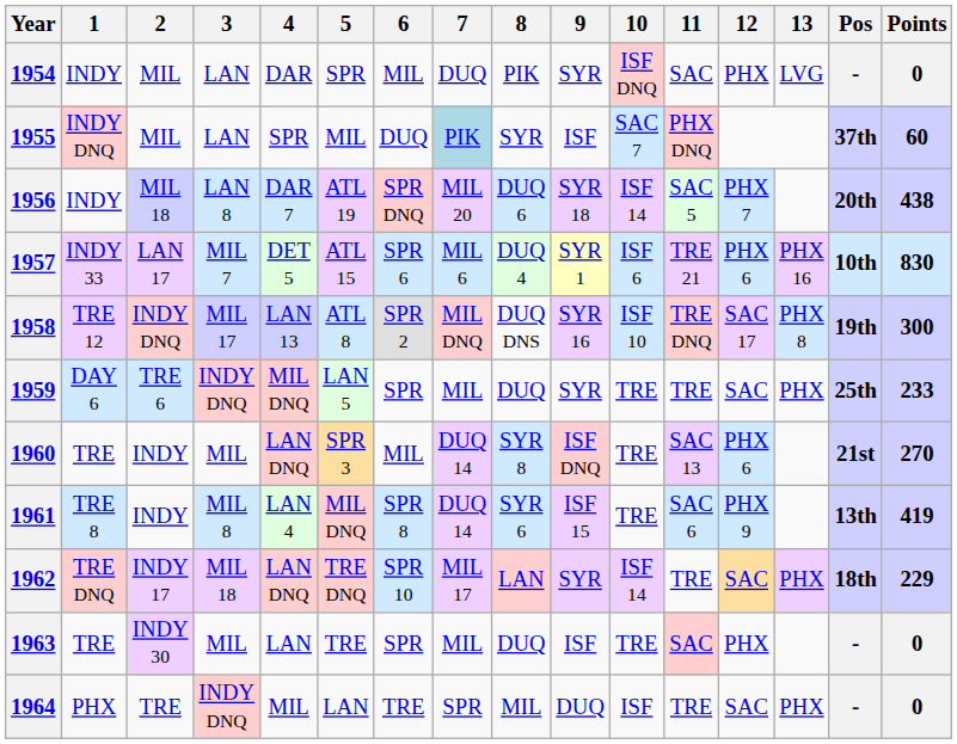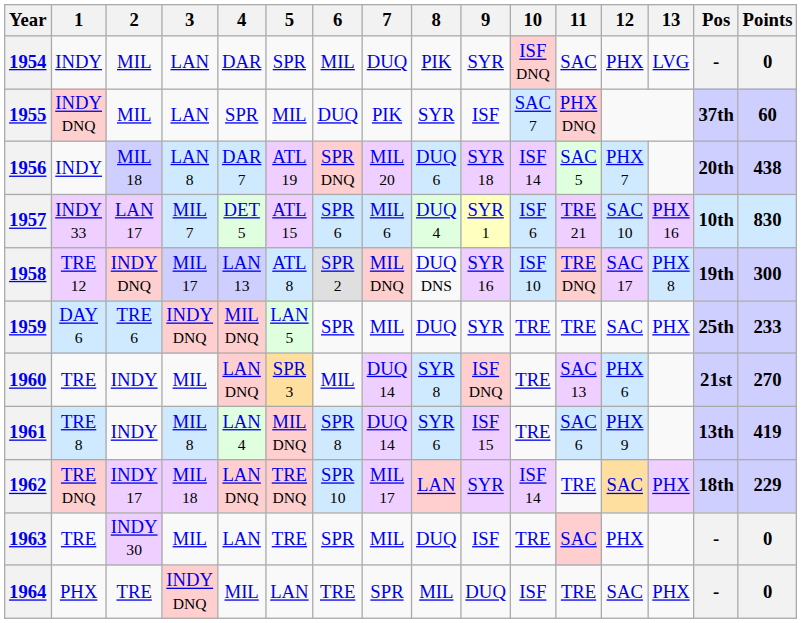 <table class="wikitable" style="text-align:center; font-size:90%">
 <tr>
 <th>Year</th>
 <th>1</th>
 <th>2</th>
 <th>3</th>
 <th>4</th>
 <th>5</th>
 <th>6</th>
 <th>7</th>
 <th>8</th>
 <th>9</th>
 <th>10</th>
 <th>11</th>
 <th>12</th>
 <th>13</th>
 <th>Pos</th>
 <th>Points</th>
 </tr>
 <tr>
 <th rowspan=1><a href='#'>1954</a></th>
 <td><a href='#'>INDY</a><br><small> </small></td>
 <td><a href='#'>MIL</a><br><small> </small></td>
 <td><a href='#'>LAN</a></td>
 <td><a href='#'>DAR</a><br><small> </small></td>
 <td><a href='#'>SPR</a><br><small> </small></td>
 <td><a href='#'>MIL</a><br><small> </small></td>
 <td><a href='#'>DUQ</a><br><small> </small></td>
 <td><a href='#'>PIK</a><br><small> </small></td>
 <td><a href='#'>SYR</a><br><small> </small></td>
 <td style="background:#FFCFCF;"><a href='#'>ISF</a><br><small>DNQ</small></td>
 <td><a href='#'>SAC</a><br><small> </small></td>
 <td><a href='#'>PHX</a><br><small> </small></td>
 <td><a href='#'>LVG</a><br><small> </small></td>
 <th>-</th>
 <th>0</th>
 </tr>
 <tr>
 <th rowspan=1><a href='#'>1955</a></th>
 <td style="background:#FFCFCF;"><a href='#'>INDY</a><br><small>DNQ</small></td>
 <td><a href='#'>MIL</a></td>
 <td><a href='#'>LAN</a></td>
 <td><a href='#'>SPR</a></td>
 <td><a href='#'>MIL</a><br><small> </small></td>
 <td><a href='#'>DUQ</a><br><small> </small></td>
-<td style="background: lightblue;"><a href='#'>PIK</a><br><small> </small></td>
+<td><a href='#'>PIK</a><br><small> </small></td>
 <td><a href='#'>SYR</a></td>
 <td><a href='#'>ISF</a></td>
 <td style="background:#CFEAFF;"><a href='#'>SAC</a><br><small>7</small></td>
 <td style="background:#FFCFCF;"><a href='#'>PHX</a><br><small>DNQ</small></td>
 <td colspan=2></td>
 <th style="background:#CFCFFF;">37th</th>
 <th style="background:#CFCFFF;">60</th>
 </tr>
 <tr>
 <th rowspan=1><a href='#'>1956</a></th>
 <td><a href='#'>INDY</a><br><small> </small></td>
 <td style="background:#CFCFFF;"><a href='#'>MIL</a><br><small>18</small></td>
 <td style="background:#CFEAFF;"><a href='#'>LAN</a><br><small>8</small></td>
 <td style="background:#CFEAFF;"><a href='#'>DAR</a><br><small>7</small></td>
 <td style="background:#EFCFFF;"><a href='#'>ATL</a><br><small>19</small></td>
 <td style="background:#FFCFCF;"><a href='#'>SPR</a><br><small>DNQ</small></td>
 <td style="background:#EFCFFF;"><a href='#'>MIL</a><br><small>20</small></td>
 <td style="background:#CFEAFF;"><a href='#'>DUQ</a><br><small>6</small></td>
 <td style="background:#EFCFFF;"><a href='#'>SYR</a><br><small>18</small></td>
 <td style="background:#EFCFFF;"><a href='#'>ISF</a><br><small>14</small></td>
 <td style="background:#DFFFDF;"><a href='#'>SAC</a><br><small>5</small></td>
 <td style="background:#CFEAFF;"><a href='#'>PHX</a><br><small>7</small></td>
 <td colspan=1></td>
 <th style="background:#CFCFFF;">20th</th>
 <th style="background:#CFCFFF;">438</th>
 </tr>
 <tr>
 <th rowspan=1><a href='#'>1957</a></th>
 <td style="background:#EFCFFF;"><a href='#'>INDY</a><br><small>33</small></td>
 <td style="background:#EFCFFF;"><a href='#'>LAN</a><br><small>17</small></td>
 <td style="background:#CFEAFF;"><a href='#'>MIL</a><br><small>7</small></td>
 <td style="background:#DFFFDF;"><a href='#'>DET</a><br><small>5</small></td>
 <td style="background:#EFCFFF;"><a href='#'>ATL</a><br><small>15</small></td>
 <td style="background:#CFEAFF;"><a href='#'>SPR</a><br><small>6</small></td>
 <td style="background:#CFEAFF;"><a href='#'>MIL</a><br><small>6</small></td>
 <td style="background:#DFFFDF;"><a href='#'>DUQ</a><br><small>4</small></td>
 <td style="background:#FFFFBF;"><a href='#'>SYR</a><br><small>1</small></td>
 <td style="background:#CFEAFF;"><a href='#'>ISF</a><br><small>6</small></td>
 <td style="background:#EFCFFF;"><a href='#'>TRE</a><br><small>21</small></td>
-<td style="background:#CFEAFF;"><a href='#'>PHX</a><br><small>6</small></td>
+<td style="background:#CFEAFF;"><a href='#'>SAC</a><br><small>10</small></td>
 <td style="background:#EFCFFF;"><a href='#'>PHX</a><br><small>16</small></td>
 <th style="background:#CFEAFF;">10th</th>
 <th style="background:#CFEAFF;">830</th>
 </tr>
 <tr>
 <th rowspan=1><a href='#'>1958</a></th>
 <td style="background:#EFCFFF;"><a href='#'>TRE</a><br><small>12</small></td>
 <td style="background:#FFCFCF;"><a href='#'>INDY</a><br><small>DNQ</small></td>
 <td style="background:#CFCFFF;"><a href='#'>MIL</a><br><small>17</small></td>
 <td style="background:#CFCFFF;"><a href='#'>LAN</a><br><small>13</small></td>
 <td style="background:#CFEAFF;"><a href='#'>ATL</a><br><small>8</small></td>
 <td style="background:#DFDFDF;"><a href='#'>SPR</a><br><small>2</small></td>
 <td style="background:#FFCFCF;"><a href='#'>MIL</a><br><small>DNQ</small></td>
 <td><a href='#'>DUQ</a><br><small>DNS</small></td>
 <td style="background:#EFCFFF;"><a href='#'>SYR</a><br><small>16</small></td>
 <td style="background:#CFEAFF;"><a href='#'>ISF</a><br><small>10</small></td>
 <td style="background:#FFCFCF;"><a href='#'>TRE</a><br><small>DNQ</small></td>
 <td style="background:#EFCFFF;"><a href='#'>SAC</a><br><small>17</small></td>
 <td style="background:#CFEAFF;"><a href='#'>PHX</a><br><small>8</small></td>
 <th style="background:#CFCFFF;">19th</th>
 <th style="background:#CFCFFF;">300</th>
 </tr>
 <tr>
 <th rowspan=1><a href='#'>1959</a></th>
 <td style="background:#cfeaff;"><a href='#'>DAY</a><br><small>6</small></td>
 <td style="background:#cfeaff;"><a href='#'>TRE</a><br><small>6</small></td>
 <td style="background:#ffcfcf;"><a href='#'>INDY</a><br><small>DNQ</small></td>
 <td style="background:#ffcfcf;"><a href='#'>MIL</a><br><small>DNQ</small></td>
 <td style="background:#dfffdf;"><a href='#'>LAN</a><br><small>5</small></td>
 <td><a href='#'>SPR</a><br><small> </small></td>
 <td><a href='#'>MIL</a><br><small> </small></td>
 <td><a href='#'>DUQ</a><br><small> </small></td>
 <td><a href='#'>SYR</a><br><small> </small></td>
 <td><a href='#'>TRE</a></td>
 <td><a href='#'>TRE</a><br><small> </small></td>
 <td><a href='#'>SAC</a><br><small> </small></td>
 <td><a href='#'>PHX</a><br><small> </small></td>
 <th style="background:#CFCFFF;">25th</th>
 <th style="background:#CFCFFF;">233</th>
 </tr>
 <tr>
 <th><a href='#'>1960</a></th>
 <td><a href='#'>TRE</a></td>
 <td><a href='#'>INDY</a></td>
 <td><a href='#'>MIL</a><br><small> </small></td>
 <td style="background:#FFCFCF;"><a href='#'>LAN</a><br><small>DNQ</small></td>
 <td style="background:#FFDF9F;"><a href='#'>SPR</a><br><small>3</small></td>
 <td><a href='#'>MIL</a><br><small> </small></td>
 <td style="background:#EFCFFF;"><a href='#'>DUQ</a><br><small>14</small></td>
 <td style="background:#CFEAFF;"><a href='#'>SYR</a><br><small>8</small></td>
 <td style="background:#FFCFCF;"><a href='#'>ISF</a><br><small>DNQ</small></td>
 <td><a href='#'>TRE</a><br><small> </small></td>
 <td style="background:#EFCFFF;"><a href='#'>SAC</a><br><small>13</small></td>
 <td style="background:#CFEAFF;"><a href='#'>PHX</a><br><small>6</small></td>
 <td colspan=1></td>
 <th style="background:#CFCFFF;">21st</th>
 <th style="background:#CFCFFF;">270</th>
 </tr>
 <tr>
 <th><a href='#'>1961</a></th>
 <td style="background:#CFEAFF;"><a href='#'>TRE</a><br><small>8</small></td>
 <td><a href='#'>INDY</a><br><small> </small></td>
 <td style="background:#CFEAFF;"><a href='#'>MIL</a><br><small>8</small></td>
 <td style="background:#DFFFDF;"><a href='#'>LAN</a><br><small>4</small></td>
 <td style="background:#FFCFCF;"><a href='#'>MIL</a><br><small>DNQ</small></td>
 <td style="background:#CFEAFF;"><a href='#'>SPR</a><br><small>8</small></td>
 <td style="background:#EFCFFF;"><a href='#'>DUQ</a><br><small>14</small></td>
 <td style="background:#CFEAFF;"><a href='#'>SYR</a><br><small>6</small></td>
 <td style="background:#EFCFFF;"><a href='#'>ISF</a><br><small>15</small></td>
 <td><a href='#'>TRE</a><br><small> </small></td>
 <td style="background:#CFEAFF;"><a href='#'>SAC</a><br><small>6</small></td>
 <td style="background:#CFEAFF;"><a href='#'>PHX</a><br><small>9</small></td>
 <td colspan=1></td>
 <th style="background:#CFCFFF;">13th</th>
 <th style="background:#CFCFFF;">419</th>
 </tr>
 <tr>
 <th><a href='#'>1962</a></th>
 <td style="background:#FFCFCF;"><a href='#'>TRE</a><br><small>DNQ</small></td>
 <td style="background:#EFCFFF;"><a href='#'>INDY</a><br><small>17</small></td>
 <td style="background:#EFCFFF;"><a href='#'>MIL</a><br><small>18</small></td>
 <td style="background:#FFCFCF;"><a href='#'>LAN</a><br><small>DNQ</small></td>
 <td style="background:#FFCFCF;"><a href='#'>TRE</a><br><small>DNQ</small></td>
 <td style="background:#CFEAFF;"><a href='#'>SPR</a><br><small>10</small></td>
 <td style="background:#EFCFFF;"><a href='#'>MIL</a><br><small>17</small></td>
 <td style="background:#FFCFCF;"><a href='#'>LAN</a><br></td>
 <td style="background:#EFCFFF;"><a href='#'>SYR</a><br></td>
 <td style="background:#EFCFFF;"><a href='#'>ISF</a><br><small>14</small></td>
 <td><a href='#'>TRE</a><br></td>
 <td style="background:#FFDF9F;"><a href='#'>SAC</a><br></td>
 <td style="background:#EFCFFF;"><a href='#'>PHX</a><br></td>
 <th style="background:#CFCFFF;">18th</th>
 <th style="background:#CFCFFF;">229</th>
 </tr>
 <tr>
 <th><a href='#'>1963</a></th>
 <td><a href='#'>TRE</a></td>
 <td style="background:#EFCFFF;"><a href='#'>INDY</a><br><small>30</small></td>
 <td><a href='#'>MIL</a><br><small> </small></td>
 <td><a href='#'>LAN</a></td>
 <td><a href='#'>TRE</a></td>
 <td><a href='#'>SPR</a></td>
 <td><a href='#'>MIL</a></td>
 <td><a href='#'>DUQ</a></td>
 <td><a href='#'>ISF</a></td>
 <td><a href='#'>TRE</a></td>
 <td style="background:#FFCFCF;"><a href='#'>SAC</a><br></td>
 <td><a href='#'>PHX</a></td>
 <td colspan=1></td>
 <th>-</th>
 <th>0</th>
 </tr>
 <tr>
 <th><a href='#'>1964</a></th>
 <td><a href='#'>PHX</a><br><small> </small></td>
 <td><a href='#'>TRE</a><br></td>
 <td style="background:#FFCFCF;"><a href='#'>INDY</a><br><small>DNQ</small></td>
 <td><a href='#'>MIL</a><br><small> </small></td>
 <td><a href='#'>LAN</a></td>
 <td><a href='#'>TRE</a><br></td>
 <td><a href='#'>SPR</a></td>
 <td><a href='#'>MIL</a><br></td>
 <td><a href='#'>DUQ</a></td>
 <td><a href='#'>ISF</a></td>
 <td><a href='#'>TRE</a></td>
 <td><a href='#'>SAC</a></td>
 <td><a href='#'>PHX</a></td>
 <th>-</th>
 <th>0</th>
 </tr>
 </table>
